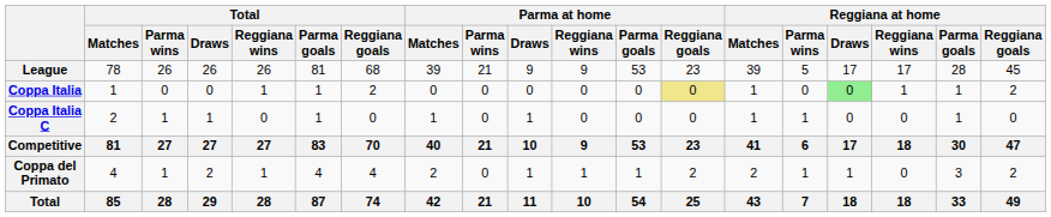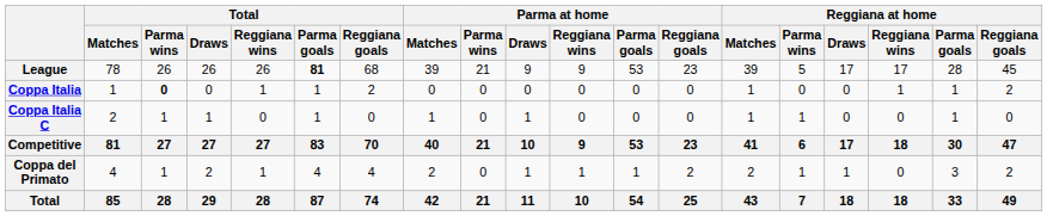 <table class="wikitable" style="text-align:center;">
 <tr>
 <th rowspan="2"></th>
 <th colspan="6">Total</th>
 <th colspan="6">Parma at home</th>
 <th colspan="6">Reggiana at home</th>
 </tr>
 <tr>
 <th>Matches</th>
 <th>Parma<br>wins</th>
 <th>Draws</th>
 <th>Reggiana<br>wins</th>
 <th>Parma<br>goals</th>
 <th>Reggiana<br>goals</th>
 <th>Matches</th>
 <th>Parma<br>wins</th>
 <th>Draws</th>
 <th>Reggiana<br>wins</th>
 <th>Parma<br>goals</th>
 <th>Reggiana<br>goals</th>
 <th>Matches</th>
 <th>Parma<br>wins</th>
 <th>Draws</th>
 <th>Reggiana<br>wins</th>
 <th>Parma<br>goals</th>
 <th>Reggiana<br>goals</th>
 </tr>
 <tr>
 <th>League</th>
 <td>78</td>
 <td>26</td>
 <td>26</td>
 <td>26</td>
-<td>81</td>
+<td><strong>81</strong></td>
 <td>68</td>
 <td>39</td>
 <td>21</td>
 <td>9</td>
 <td>9</td>
 <td>53</td>
 <td>23</td>
 <td>39</td>
 <td>5</td>
 <td>17</td>
 <td>17</td>
 <td>28</td>
 <td>45</td>
 </tr>
 <tr>
 <th><a href='#'>Coppa Italia</a></th>
 <td>1</td>
-<td>0</td>
+<td><strong>0</strong></td>
 <td>0</td>
 <td>1</td>
 <td>1</td>
 <td>2</td>
 <td>0</td>
 <td>0</td>
 <td>0</td>
 <td>0</td>
 <td>0</td>
-<td style="background: khaki;">0</td>
+<td>0</td>
 <td>1</td>
 <td>0</td>
-<td style="background: lightgreen;">0</td>
+<td>0</td>
 <td>1</td>
 <td>1</td>
 <td>2</td>
 </tr>
 <tr>
 <th><a href='#'>Coppa Italia C</a></th>
 <td>2</td>
 <td>1</td>
 <td>1</td>
 <td>0</td>
 <td>1</td>
 <td>0</td>
 <td>1</td>
 <td>0</td>
 <td>1</td>
 <td>0</td>
 <td>0</td>
 <td>0</td>
 <td>1</td>
 <td>1</td>
 <td>0</td>
 <td>0</td>
 <td>1</td>
 <td>0</td>
 </tr>
 <tr>
 <th>Competitive</th>
 <th>81</th>
 <th>27</th>
 <th>27</th>
 <th>27</th>
 <th>83</th>
 <th>70</th>
 <th>40</th>
 <th>21</th>
 <th>10</th>
 <th>9</th>
 <th>53</th>
 <th>23</th>
 <th>41</th>
 <th>6</th>
 <th>17</th>
 <th>18</th>
 <th>30</th>
 <th>47</th>
 </tr>
 <tr>
 <th>Coppa del Primato</th>
 <td>4</td>
 <td>1</td>
 <td>2</td>
 <td>1</td>
 <td>4</td>
 <td>4</td>
 <td>2</td>
 <td>0</td>
 <td>1</td>
 <td>1</td>
 <td>1</td>
 <td>2</td>
 <td>2</td>
 <td>1</td>
 <td>1</td>
 <td>0</td>
 <td>3</td>
 <td>2</td>
 </tr>
 <tr>
 <th>Total</th>
 <th>85</th>
 <th>28</th>
 <th>29</th>
 <th>28</th>
 <th>87</th>
 <th>74</th>
 <th>42</th>
 <th>21</th>
 <th>11</th>
 <th>10</th>
 <th>54</th>
 <th>25</th>
 <th>43</th>
 <th>7</th>
 <th>18</th>
 <th>18</th>
 <th>33</th>
 <th>49</th>
 </tr>
 </table>
